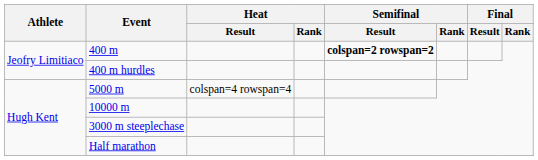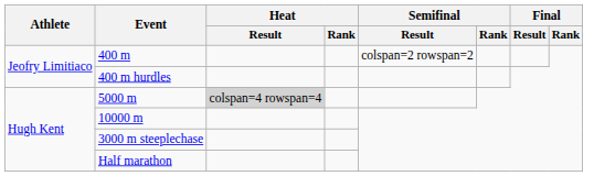 <table class="wikitable" style="font-size:90%">
 <tr>
 <th rowspan="2">Athlete</th>
 <th rowspan="2">Event</th>
 <th colspan="2">Heat</th>
 <th colspan="2">Semifinal</th>
 <th colspan="2">Final</th>
 </tr>
 <tr style="font-size:95%">
 <th>Result</th>
 <th>Rank</th>
 <th>Result</th>
 <th>Rank</th>
 <th>Result</th>
 <th>Rank</th>
 </tr>
 <tr style=text-align:center>
 <td style=text-align:left rowspan=2><a href='#'>Jeofry Limitiaco</a></td>
 <td style=text-align:left><a href='#'>400 m</a></td>
 <td></td>
 <td></td>
-<td><strong>colspan=2 rowspan=2 </strong></td>
+<td>colspan=2 rowspan=2 </td>
 <td></td>
 <td></td>
 </tr>
 <tr style=text-align:center>
 <td style=text-align:left><a href='#'>400 m hurdles</a></td>
 <td></td>
 <td></td>
 <td></td>
 <td></td>
 </tr>
 <tr align=center>
 <td align=left rowspan=4><a href='#'>Hugh Kent</a></td>
 <td align=left><a href='#'>5000 m</a></td>
-<td>colspan=4 rowspan=4 </td>
+<td style="background: lightgrey;">colspan=4 rowspan=4 </td>
 <td></td>
 <td></td>
 </tr>
 <tr align=center>
 <td align=left><a href='#'>10000 m</a></td>
 <td></td>
 <td></td>
 </tr>
 <tr align=center>
 <td align=left><a href='#'>3000 m steeplechase</a></td>
 <td></td>
 <td></td>
 </tr>
 <tr align=center>
 <td align=left><a href='#'>Half marathon</a></td>
 <td></td>
 <td></td>
 </tr>
 </table>
